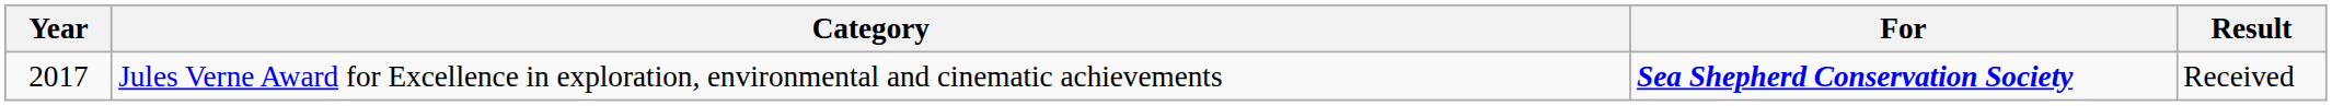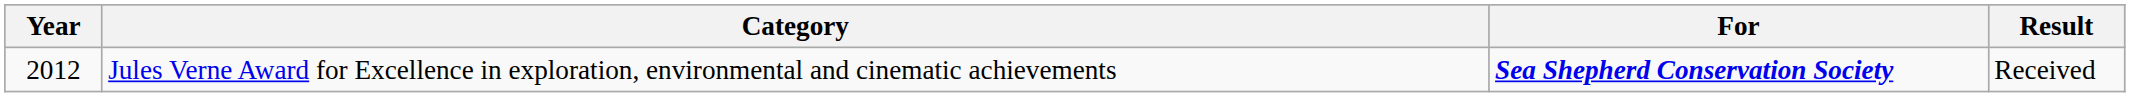 <table class="wikitable">
 <tr>
 <th width="3.5%">Year</th>
 <th width="50%">Category</th>
 <th width="18%">For</th>
 <th width="3.5%">Result</th>
 </tr>
 <tr valign="top">
-<td align="center">2017</td>
+<td align="center">2012</td>
 <td><a href='#'>Jules Verne Award</a> for Excellence in exploration, environmental and cinematic achievements</td>
 <td><strong><em><a href='#'>Sea Shepherd Conservation Society</a></em></strong></td>
 <td>Received</td>
 </tr>
 </table>
